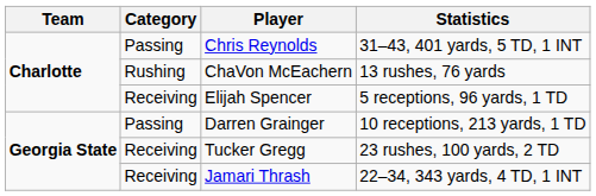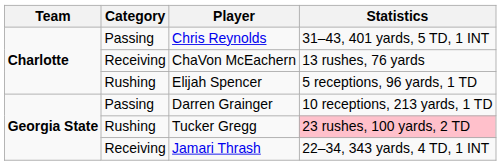 <table class="wikitable" style="float: left;">
 <tr>
 <th>Team</th>
 <th>Category</th>
 <th>Player</th>
 <th>Statistics</th>
 </tr>
 <tr>
 <td rowspan=3><strong>Charlotte</strong></td>
 <td>Passing</td>
 <td><a href='#'>Chris Reynolds</a></td>
 <td>31–43, 401 yards, 5 TD, 1 INT</td>
 </tr>
 <tr>
-<td>Rushing</td>
+<td>Receiving</td>
 <td>ChaVon McEachern</td>
 <td>13 rushes, 76 yards</td>
 </tr>
 <tr>
-<td>Receiving</td>
+<td>Rushing</td>
 <td>Elijah Spencer</td>
 <td>5 receptions, 96 yards, 1 TD</td>
 </tr>
 <tr>
 <td rowspan=3><strong>Georgia State</strong></td>
 <td>Passing</td>
 <td>Darren Grainger</td>
 <td>10 receptions, 213 yards, 1 TD</td>
 </tr>
 <tr>
-<td>Receiving</td>
+<td>Rushing</td>
 <td>Tucker Gregg</td>
-<td>23 rushes, 100 yards, 2 TD</td>
+<td style="background: pink;">23 rushes, 100 yards, 2 TD</td>
 </tr>
 <tr>
 <td>Receiving</td>
 <td><a href='#'>Jamari Thrash</a></td>
 <td>22–34, 343 yards, 4 TD, 1 INT</td>
 </tr>
 </table>
